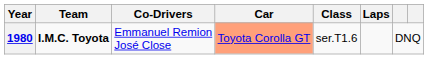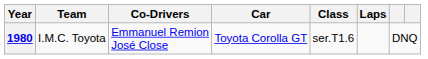 <table class="wikitable" style="text-align:center; font-size:90%">
 <tr>
 <th>Year</th>
 <th>Team</th>
 <th>Co-Drivers</th>
 <th>Car</th>
 <th>Class</th>
 <th>Laps</th>
 <th></th>
 <th></th>
 </tr>
 <tr>
 <th><a href='#'>1980</a></th>
-<td align="left"><strong> I.M.C. Toyota</strong></td>
+<td align="left"> I.M.C. Toyota</td>
 <td align="left"> <a href='#'>Emmanuel Remion</a><br> <a href='#'>José Close</a></td>
-<td align="left" style="background: lightsalmon;"><a href='#'>Toyota Corolla GT</a></td>
+<td align="left"><a href='#'>Toyota Corolla GT</a></td>
 <td>ser.T1.6</td>
 <td></td>
 <td colspan=2>DNQ</td>
 </tr>
 </table>
